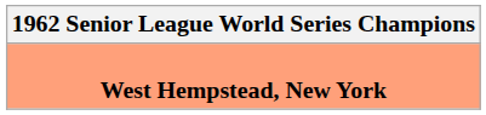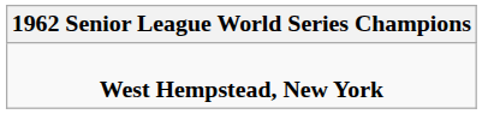 <table class="wikitable" style="text-align: center; margin: 0 auto;">
 <tr>
 <th>1962 Senior League World Series Champions</th>
 </tr>
 <tr>
-<td style="background: lightsalmon;"><br><strong>West Hempstead, New York</strong></td>
+<td><br><strong>West Hempstead, New York</strong></td>
 </tr>
 </table>
